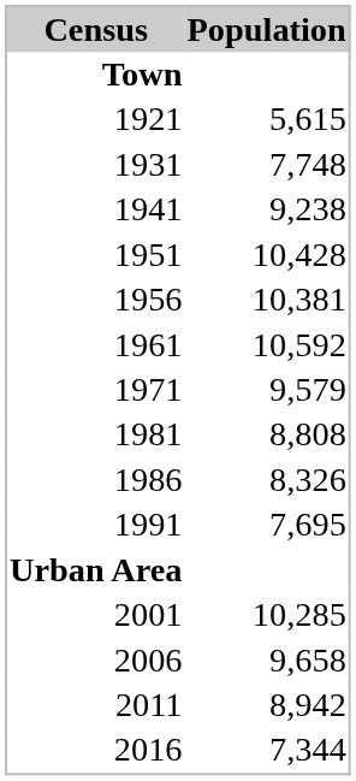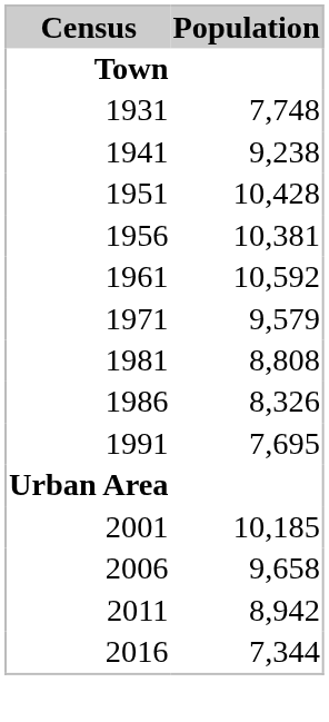 <table cellpadding="1" style="float:left; margin:0 1em 1em 0; border:1px #bbb solid; border-collapse:collapse; font-size:90%;">
 <tr bgcolor="#CCCCCC" style="text-align:center;">
 <th>Census</th>
 <th>Population</th>
 </tr>
 <tr style="text-align:right;">
 <th>Town</th>
 <th></th>
-</tr>
-<tr style="text-align:right;">
-<td>1921</td>
-<td>5,615</td>
 </tr>
 <tr style="text-align:right;">
 <td>1931</td>
 <td>7,748</td>
 </tr>
 <tr style="text-align:right;">
 <td>1941</td>
 <td>9,238</td>
 </tr>
 <tr style="text-align:right;">
 <td>1951</td>
 <td>10,428</td>
 </tr>
 <tr style="text-align:right;">
 <td>1956</td>
 <td>10,381</td>
 </tr>
 <tr style="text-align:right;">
 <td>1961</td>
 <td>10,592</td>
 </tr>
 <tr style="text-align:right;">
 <td>1971</td>
 <td>9,579</td>
 </tr>
 <tr style="text-align:right;">
 <td>1981</td>
 <td>8,808</td>
 </tr>
 <tr style="text-align:right;">
 <td>1986</td>
 <td>8,326</td>
 </tr>
 <tr style="text-align:right;">
 <td>1991</td>
 <td>7,695</td>
 </tr>
 <tr style="text-align:right;">
 <th>Urban Area</th>
 <th></th>
 </tr>
 <tr style="text-align:right;">
 <td>2001</td>
-<td>10,285</td>
+<td>10,185</td>
 </tr>
 <tr style="text-align:right;">
 <td>2006</td>
 <td>9,658</td>
 </tr>
 <tr style="text-align:right;">
 <td>2011</td>
 <td>8,942</td>
 </tr>
 <tr style="text-align:right;">
 <td>2016</td>
 <td>7,344</td>
 </tr>
 <tr style="text-align:right;">
 </tr>
 </table>
